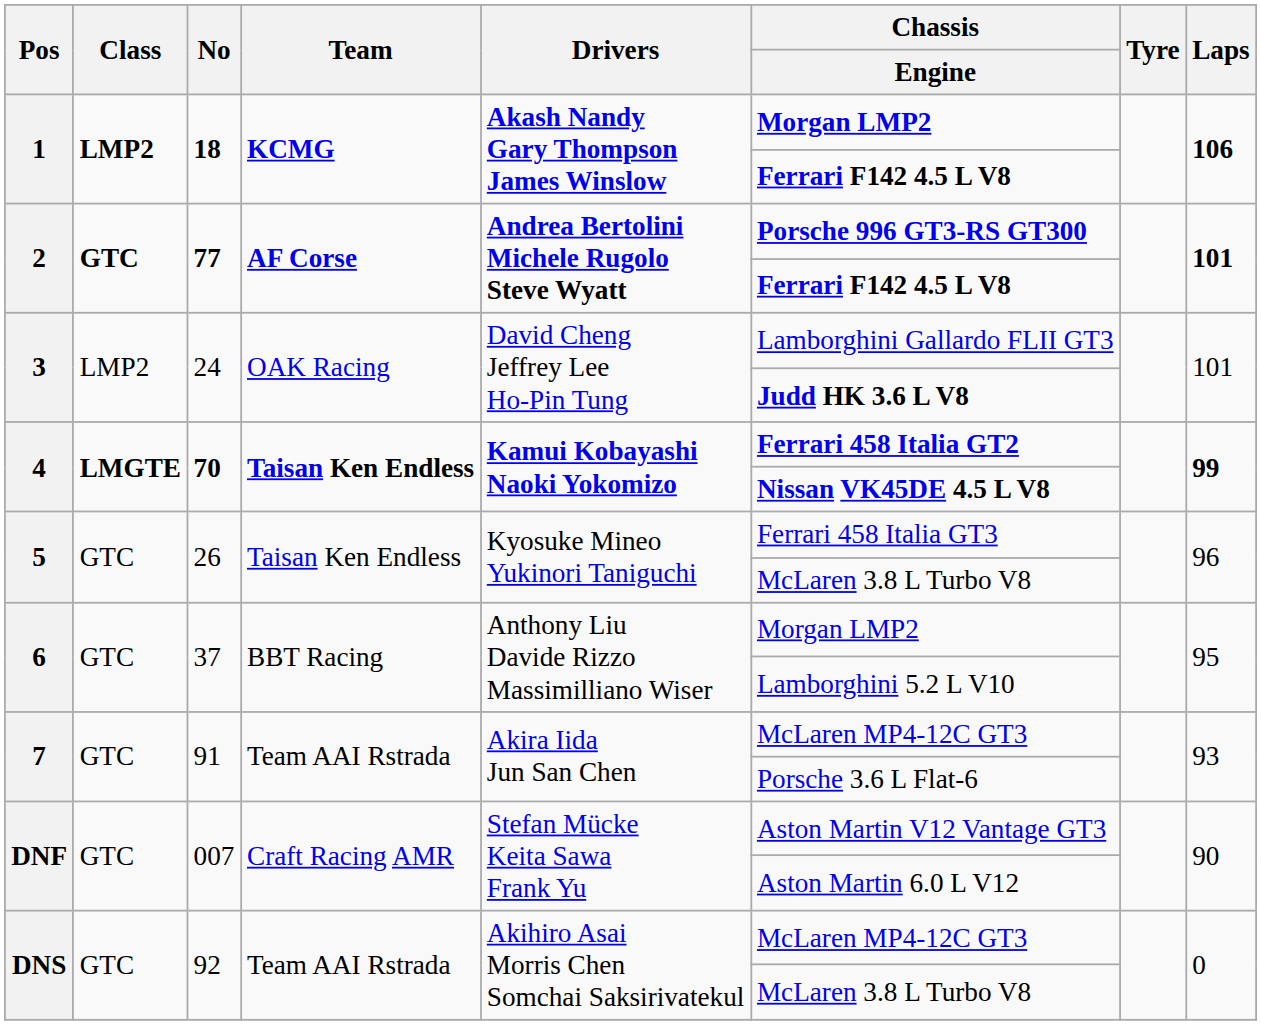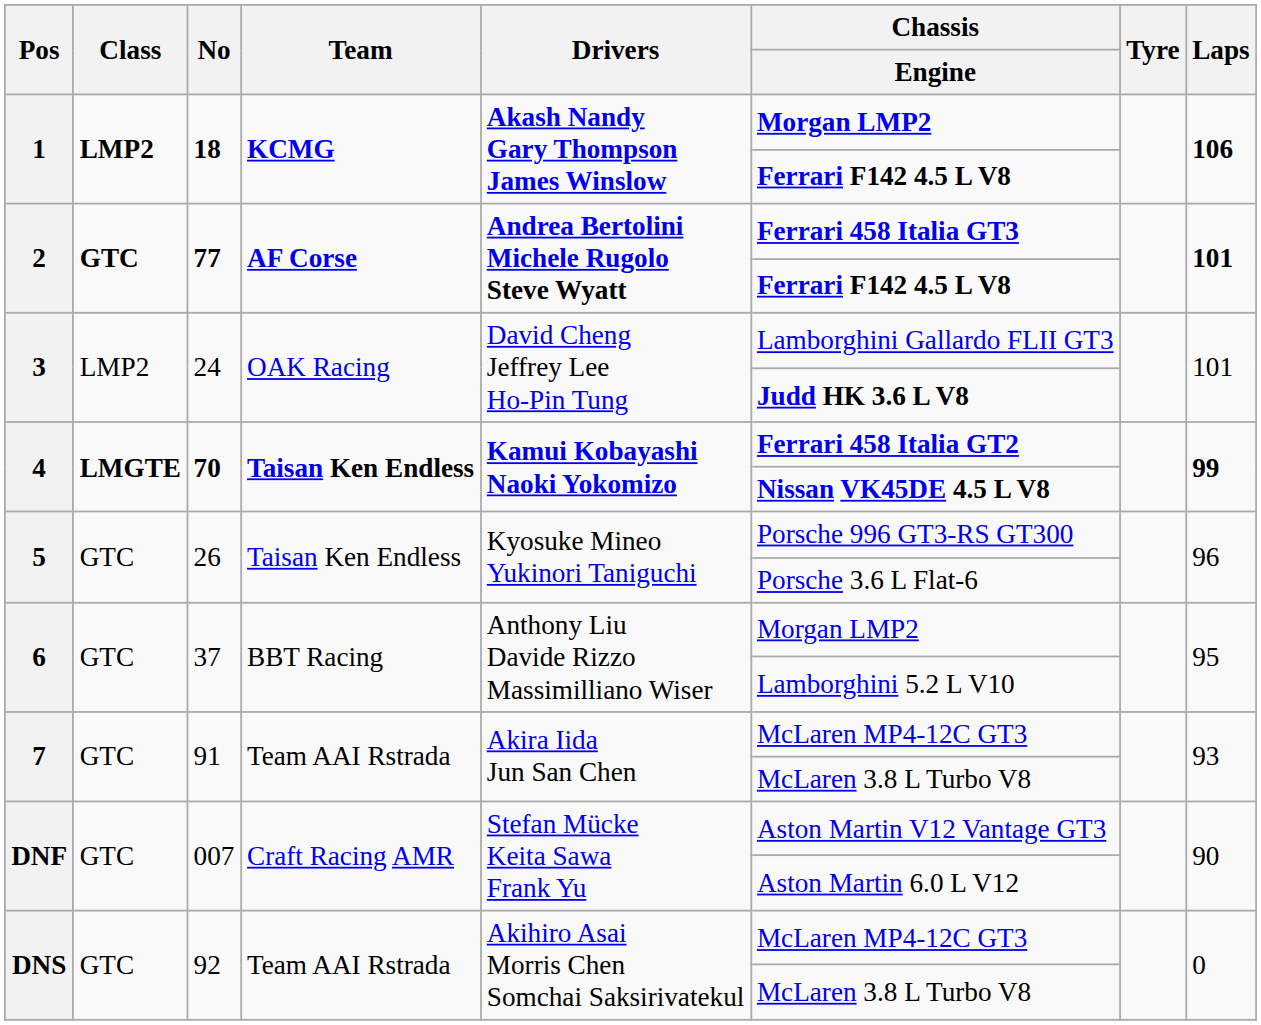 <table class="wikitable" style="font-size: 95%;">
 <tr>
 <th rowspan=2>Pos</th>
 <th rowspan=2>Class</th>
 <th rowspan=2>No</th>
 <th rowspan=2>Team</th>
 <th rowspan=2>Drivers</th>
 <th>Chassis</th>
 <th rowspan=2>Tyre</th>
 <th rowspan=2>Laps</th>
 </tr>
 <tr>
 <th>Engine</th>
 </tr>
 <tr style="font-weight:bold">
 <th rowspan=2>1</th>
 <td rowspan=2>LMP2</td>
 <td rowspan=2>18</td>
 <td rowspan=2> <a href='#'>KCMG</a></td>
 <td rowspan=2> <a href='#'>Akash Nandy</a><br> <a href='#'>Gary Thompson</a><br> <a href='#'>James Winslow</a></td>
 <td><a href='#'>Morgan LMP2</a></td>
 <td rowspan=2></td>
 <td rowspan=2>106</td>
 </tr>
 <tr style="font-weight:bold">
 <td><a href='#'>Ferrari</a> F142 4.5 L V8</td>
 </tr>
 <tr style="font-weight:bold">
 <th rowspan=2>2</th>
 <td rowspan=2>GTC</td>
 <td rowspan=2>77</td>
 <td rowspan=2> <a href='#'>AF Corse</a></td>
 <td rowspan=2> <a href='#'>Andrea Bertolini</a><br> <a href='#'>Michele Rugolo</a><br> Steve Wyatt</td>
-<td><a href='#'>Porsche 996 GT3-RS GT300</a></td>
+<td><a href='#'>Ferrari 458 Italia GT3</a></td>
 <td rowspan=2></td>
 <td rowspan=2>101</td>
 </tr>
 <tr style="font-weight:bold">
 <td><a href='#'>Ferrari</a> F142 4.5 L V8</td>
 </tr>
 <tr>
 <th rowspan=2>3</th>
 <td rowspan=2>LMP2</td>
 <td rowspan=2>24</td>
 <td rowspan=2> <a href='#'>OAK Racing</a></td>
 <td rowspan=2> <a href='#'>David Cheng</a><br> Jeffrey Lee<br> <a href='#'>Ho-Pin Tung</a></td>
 <td><a href='#'>Lamborghini Gallardo FLII GT3</a></td>
 <td rowspan=2></td>
 <td rowspan=2>101</td>
 </tr>
 <tr>
 <td><strong><a href='#'>Judd</a> HK 3.6 L V8</strong></td>
 </tr>
 <tr style="font-weight:bold">
 <th rowspan=2>4</th>
 <td rowspan=2>LMGTE</td>
 <td rowspan=2>70</td>
 <td rowspan=2> <a href='#'>Taisan</a> Ken Endless</td>
 <td rowspan=2> <a href='#'>Kamui Kobayashi</a><br> <a href='#'>Naoki Yokomizo</a></td>
 <td><a href='#'>Ferrari 458 Italia GT2</a></td>
 <td rowspan=2></td>
 <td rowspan=2>99</td>
 </tr>
 <tr style="font-weight:bold">
 <td><a href='#'>Nissan</a> <a href='#'>VK45DE</a> 4.5 L V8</td>
 </tr>
 <tr>
 <th rowspan=2>5</th>
 <td rowspan=2>GTC</td>
 <td rowspan=2>26</td>
 <td rowspan=2> <a href='#'>Taisan</a> Ken Endless</td>
 <td rowspan=2> Kyosuke Mineo<br> <a href='#'>Yukinori Taniguchi</a></td>
-<td><a href='#'>Ferrari 458 Italia GT3</a></td>
+<td><a href='#'>Porsche 996 GT3-RS GT300</a></td>
 <td rowspan=2></td>
 <td rowspan=2>96</td>
 </tr>
 <tr>
-<td><a href='#'>McLaren</a> 3.8 L Turbo V8</td>
+<td><a href='#'>Porsche</a> 3.6 L Flat-6</td>
 </tr>
 <tr>
 <th rowspan=2>6</th>
 <td rowspan=2>GTC</td>
 <td rowspan=2>37</td>
 <td rowspan=2> BBT Racing</td>
 <td rowspan=2> Anthony Liu<br> Davide Rizzo<br> Massimilliano Wiser</td>
 <td><a href='#'>Morgan LMP2</a></td>
 <td rowspan=2></td>
 <td rowspan=2>95</td>
 </tr>
 <tr>
 <td><a href='#'>Lamborghini</a> 5.2 L V10</td>
 </tr>
 <tr>
 <th rowspan=2>7</th>
 <td rowspan=2>GTC</td>
 <td rowspan=2>91</td>
 <td rowspan=2> Team AAI Rstrada</td>
 <td rowspan=2> <a href='#'>Akira Iida</a><br> Jun San Chen</td>
 <td><a href='#'>McLaren MP4-12C GT3</a></td>
 <td rowspan=2></td>
 <td rowspan=2>93</td>
 </tr>
 <tr>
-<td><a href='#'>Porsche</a> 3.6 L Flat-6</td>
+<td><a href='#'>McLaren</a> 3.8 L Turbo V8</td>
 </tr>
 <tr>
 <th rowspan=2>DNF</th>
 <td rowspan=2>GTC</td>
 <td rowspan=2>007</td>
 <td rowspan=2> <a href='#'>Craft Racing</a> <a href='#'>AMR</a></td>
 <td rowspan=2> <a href='#'>Stefan Mücke</a><br> <a href='#'>Keita Sawa</a><br> <a href='#'>Frank Yu</a></td>
 <td><a href='#'>Aston Martin V12 Vantage GT3</a></td>
 <td rowspan=2></td>
 <td rowspan=2>90</td>
 </tr>
 <tr>
 <td><a href='#'>Aston Martin</a> 6.0 L V12</td>
 </tr>
 <tr>
 <th rowspan=2>DNS</th>
 <td rowspan=2>GTC</td>
 <td rowspan=2>92</td>
 <td rowspan=2> Team AAI Rstrada</td>
 <td rowspan=2> <a href='#'>Akihiro Asai</a><br> Morris Chen<br> Somchai Saksirivatekul</td>
 <td><a href='#'>McLaren MP4-12C GT3</a></td>
 <td rowspan=2></td>
 <td rowspan=2>0</td>
 </tr>
 <tr>
 <td><a href='#'>McLaren</a> 3.8 L Turbo V8</td>
 </tr>
 </table>
